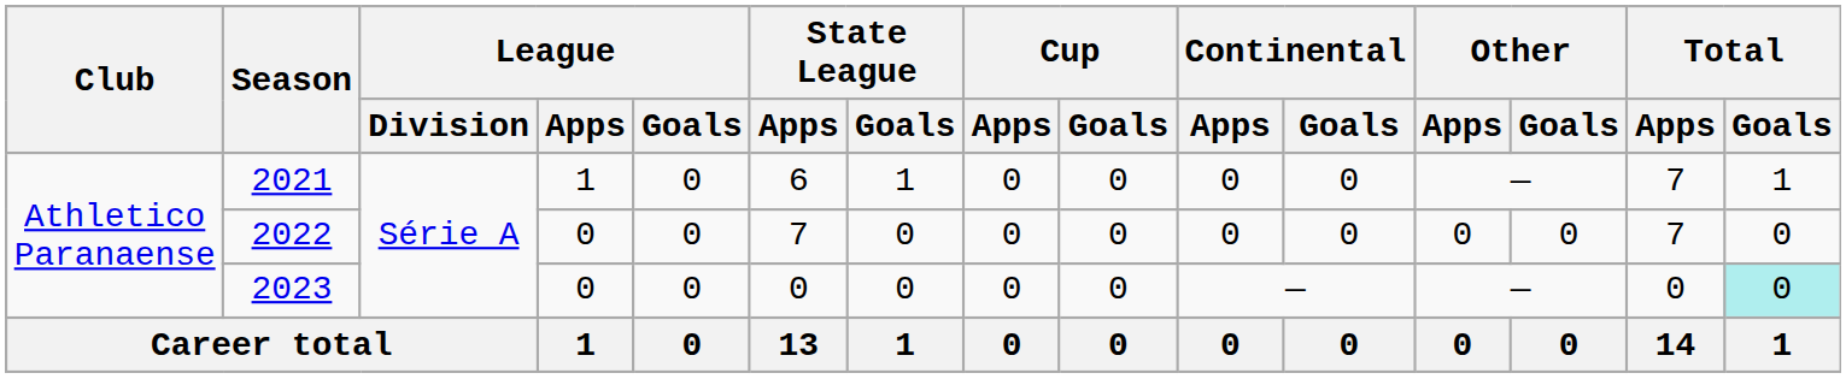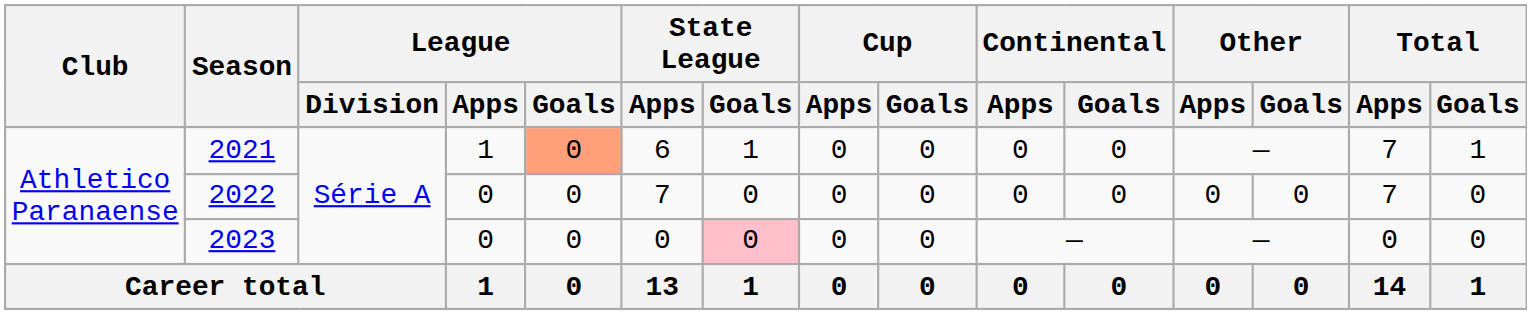 <table class="wikitable" style="text-align: center;">
 <tr>
 <th rowspan="2">Club</th>
 <th rowspan="2">Season</th>
 <th colspan="3">League</th>
 <th colspan="2">State League</th>
 <th colspan="2">Cup</th>
 <th colspan="2">Continental</th>
 <th colspan="2">Other</th>
 <th colspan="2">Total</th>
 </tr>
 <tr>
 <th>Division</th>
 <th>Apps</th>
 <th>Goals</th>
 <th>Apps</th>
 <th>Goals</th>
 <th>Apps</th>
 <th>Goals</th>
 <th>Apps</th>
 <th>Goals</th>
 <th>Apps</th>
 <th>Goals</th>
 <th>Apps</th>
 <th>Goals</th>
 </tr>
 <tr>
 <td rowspan="3" valign="center"><a href='#'>Athletico Paranaense</a></td>
 <td><a href='#'>2021</a></td>
 <td rowspan="3"><a href='#'>Série A</a></td>
 <td>1</td>
-<td>0</td>
+<td style="background: lightsalmon;">0</td>
 <td>6</td>
 <td>1</td>
 <td>0</td>
 <td>0</td>
 <td>0</td>
 <td>0</td>
 <td colspan="2">—</td>
 <td>7</td>
 <td>1</td>
 </tr>
 <tr>
 <td><a href='#'>2022</a></td>
 <td>0</td>
 <td>0</td>
 <td>7</td>
 <td>0</td>
 <td>0</td>
 <td>0</td>
 <td>0</td>
 <td>0</td>
 <td>0</td>
 <td>0</td>
 <td>7</td>
 <td>0</td>
 </tr>
 <tr>
 <td><a href='#'>2023</a></td>
 <td>0</td>
 <td>0</td>
 <td>0</td>
-<td>0</td>
+<td style="background: pink;">0</td>
 <td>0</td>
 <td>0</td>
 <td colspan="2">—</td>
 <td colspan="2">—</td>
 <td>0</td>
-<td style="background: paleturquoise;">0</td>
+<td>0</td>
 </tr>
 <tr>
 <th colspan="3"><strong>Career total</strong></th>
 <th>1</th>
 <th>0</th>
 <th>13</th>
 <th>1</th>
 <th>0</th>
 <th>0</th>
 <th>0</th>
 <th>0</th>
 <th>0</th>
 <th>0</th>
 <th>14</th>
 <th>1</th>
 </tr>
 </table>
